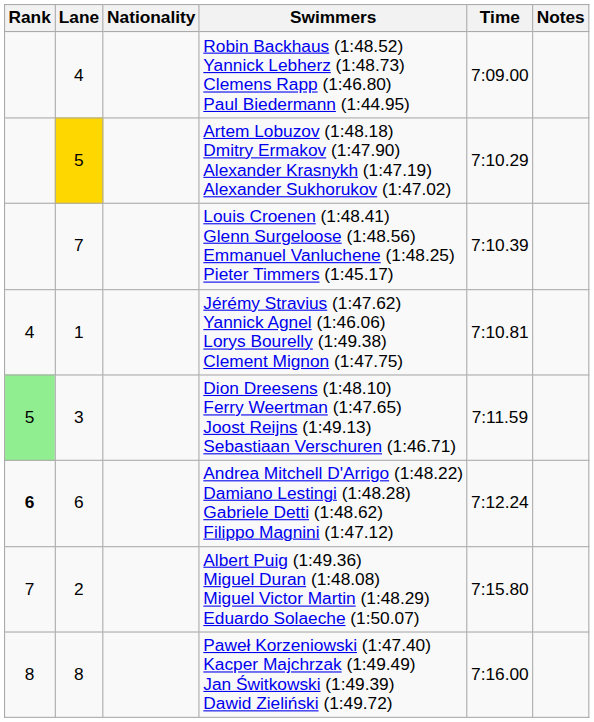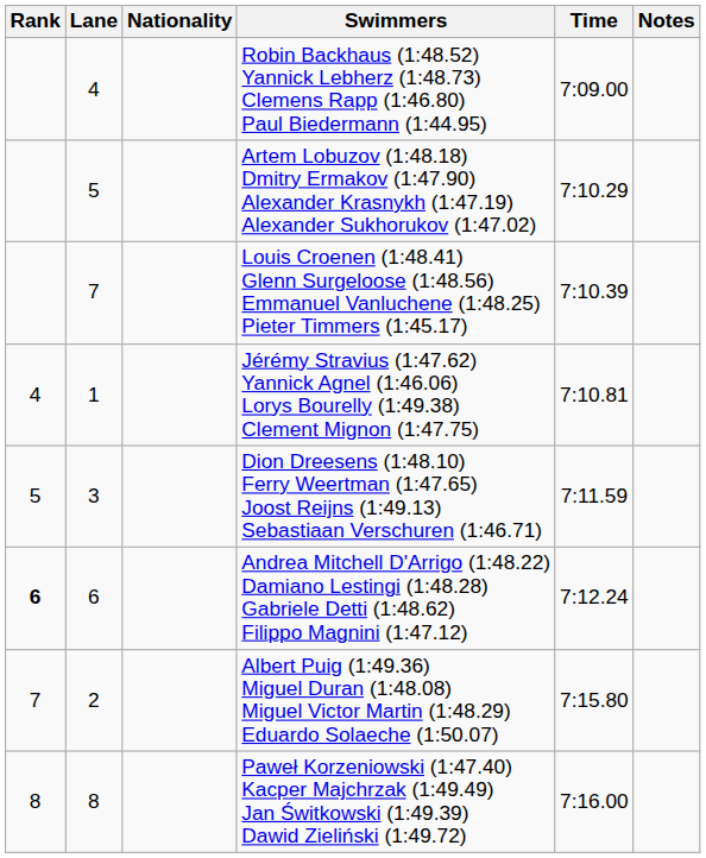 <table class="wikitable sortable" style="text-align:center">
 <tr>
 <th>Rank</th>
 <th>Lane</th>
 <th>Nationality</th>
 <th>Swimmers</th>
 <th>Time</th>
 <th>Notes</th>
 </tr>
 <tr>
 <td></td>
 <td>4</td>
 <td align=left></td>
 <td align=left><a href='#'>Robin Backhaus</a> (1:48.52)<br><a href='#'>Yannick Lebherz</a> (1:48.73)<br><a href='#'>Clemens Rapp</a> (1:46.80)<br><a href='#'>Paul Biedermann</a> (1:44.95)</td>
 <td>7:09.00</td>
 <td></td>
 </tr>
 <tr>
 <td></td>
-<td style="background: gold;">5</td>
+<td>5</td>
 <td align=left></td>
 <td align=left><a href='#'>Artem Lobuzov</a> (1:48.18)<br><a href='#'>Dmitry Ermakov</a> (1:47.90)<br><a href='#'>Alexander Krasnykh</a> (1:47.19)<br><a href='#'>Alexander Sukhorukov</a> (1:47.02)</td>
 <td>7:10.29</td>
 <td></td>
 </tr>
 <tr>
 <td></td>
 <td>7</td>
 <td align=left></td>
 <td align=left><a href='#'>Louis Croenen</a> (1:48.41)<br><a href='#'>Glenn Surgeloose</a> (1:48.56)<br><a href='#'>Emmanuel Vanluchene</a> (1:48.25)<br><a href='#'>Pieter Timmers</a> (1:45.17)</td>
 <td>7:10.39</td>
 <td></td>
 </tr>
 <tr>
 <td>4</td>
 <td>1</td>
 <td align=left></td>
 <td align=left><a href='#'>Jérémy Stravius</a> (1:47.62)<br><a href='#'>Yannick Agnel</a> (1:46.06)<br><a href='#'>Lorys Bourelly</a> (1:49.38)<br><a href='#'>Clement Mignon</a> (1:47.75)</td>
 <td>7:10.81</td>
 <td></td>
 </tr>
 <tr>
-<td style="background: lightgreen;">5</td>
+<td>5</td>
 <td>3</td>
 <td align=left></td>
 <td align=left><a href='#'>Dion Dreesens</a> (1:48.10)<br><a href='#'>Ferry Weertman</a> (1:47.65)<br><a href='#'>Joost Reijns</a> (1:49.13)<br><a href='#'>Sebastiaan Verschuren</a> (1:46.71)</td>
 <td>7:11.59</td>
 <td></td>
 </tr>
 <tr>
 <td><strong>6</strong></td>
 <td>6</td>
 <td align=left></td>
 <td align=left><a href='#'>Andrea Mitchell D'Arrigo</a> (1:48.22)<br><a href='#'>Damiano Lestingi</a> (1:48.28)<br><a href='#'>Gabriele Detti</a> (1:48.62)<br><a href='#'>Filippo Magnini</a> (1:47.12)</td>
 <td>7:12.24</td>
 <td></td>
 </tr>
 <tr>
 <td>7</td>
 <td>2</td>
 <td align=left></td>
 <td align=left><a href='#'>Albert Puig</a> (1:49.36)<br><a href='#'>Miguel Duran</a> (1:48.08)<br><a href='#'>Miguel Victor Martin</a> (1:48.29)<br><a href='#'>Eduardo Solaeche</a> (1:50.07)</td>
 <td>7:15.80</td>
 <td></td>
 </tr>
 <tr>
 <td>8</td>
 <td>8</td>
 <td align=left></td>
 <td align=left><a href='#'>Paweł Korzeniowski</a> (1:47.40)<br><a href='#'>Kacper Majchrzak</a> (1:49.49)<br><a href='#'>Jan Świtkowski</a> (1:49.39)<br><a href='#'>Dawid Zieliński</a> (1:49.72)</td>
 <td>7:16.00</td>
 <td></td>
 </tr>
 </table>
